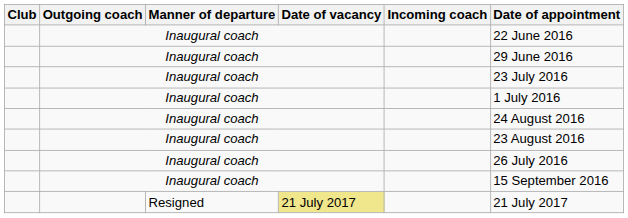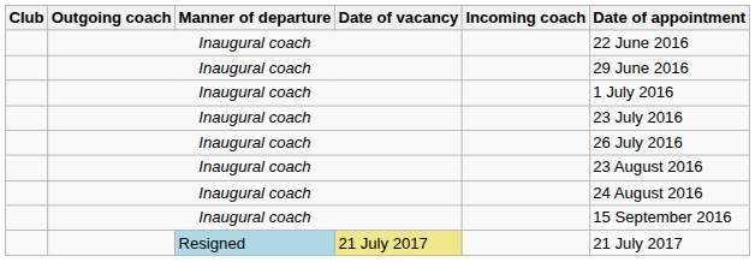 <table class="wikitable sortable">
 <tr>
 <th>Club</th>
 <th>Outgoing coach</th>
 <th>Manner of departure</th>
 <th>Date of vacancy</th>
 <th>Incoming coach</th>
 <th>Date of appointment</th>
 </tr>
 <tr>
 <td></td>
 <td colspan="3" style="text-align:center;"><em>Inaugural coach</em></td>
 <td></td>
 <td>22 June 2016</td>
 </tr>
 <tr>
 <td></td>
 <td colspan="3" style="text-align:center;"><em>Inaugural coach</em></td>
 <td></td>
 <td>29 June 2016</td>
 </tr>
 <tr>
 <td></td>
 <td colspan="3" style="text-align:center;"><em>Inaugural coach</em></td>
 <td></td>
+<td>1 July 2016</td>
+</tr>
+<tr>
+<td></td>
+<td colspan="3" style="text-align:center;"><em>Inaugural coach</em></td>
+<td></td>
 <td>23 July 2016</td>
 </tr>
 <tr>
 <td></td>
 <td colspan="3" style="text-align:center;"><em>Inaugural coach</em></td>
 <td></td>
-<td>1 July 2016</td>
+<td>26 July 2016</td>
+</tr>
+<tr>
+<td></td>
+<td colspan="3" style="text-align:center;"><em>Inaugural coach</em></td>
+<td></td>
+<td>23 August 2016</td>
 </tr>
 <tr>
 <td></td>
 <td colspan="3" style="text-align:center;"><em>Inaugural coach</em></td>
 <td></td>
 <td>24 August 2016</td>
 </tr>
 <tr>
 <td></td>
 <td colspan="3" style="text-align:center;"><em>Inaugural coach</em></td>
 <td></td>
-<td>23 August 2016</td>
-</tr>
-<tr>
-<td></td>
-<td colspan="3" style="text-align:center;"><em>Inaugural coach</em></td>
-<td></td>
-<td>26 July 2016</td>
-</tr>
-<tr>
-<td></td>
-<td colspan="3" style="text-align:center;"><em>Inaugural coach</em></td>
-<td></td>
 <td>15 September 2016</td>
 </tr>
 <tr>
 <td></td>
 <td></td>
-<td>Resigned</td>
+<td style="background: lightblue;">Resigned</td>
 <td style="background: khaki;">21 July 2017</td>
 <td></td>
 <td>21 July 2017</td>
 </tr>
 </table>
